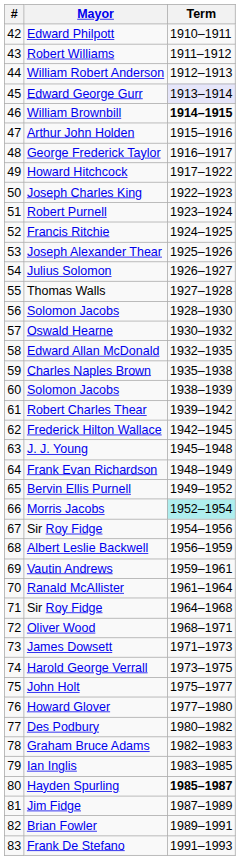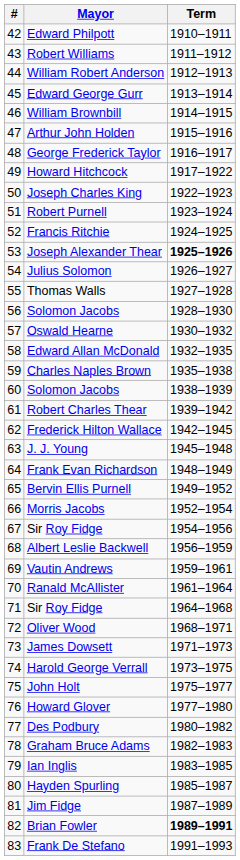 <table class="wikitable">
 <tr>
 <th>#</th>
 <th><a href='#'>Mayor</a></th>
 <th>Term</th>
 </tr>
 <tr>
 <td>42</td>
 <td><a href='#'>Edward Philpott</a></td>
 <td>1910–1911</td>
 </tr>
 <tr>
 <td>43</td>
 <td><a href='#'>Robert Williams</a></td>
 <td>1911–1912</td>
 </tr>
 <tr>
 <td>44</td>
 <td><a href='#'>William Robert Anderson</a></td>
 <td>1912–1913</td>
 </tr>
 <tr>
 <td>45</td>
 <td><a href='#'>Edward George Gurr</a></td>
-<td style="background: lavender;">1913–1914</td>
+<td>1913–1914</td>
 </tr>
 <tr>
 <td>46</td>
 <td><a href='#'>William Brownbill</a></td>
-<td><strong>1914–1915</strong></td>
+<td>1914–1915</td>
 </tr>
 <tr>
 <td>47</td>
 <td><a href='#'>Arthur John Holden</a></td>
 <td>1915–1916</td>
 </tr>
 <tr>
 <td>48</td>
 <td><a href='#'>George Frederick Taylor</a></td>
 <td>1916–1917</td>
 </tr>
 <tr>
 <td>49</td>
 <td><a href='#'>Howard Hitchcock</a></td>
 <td>1917–1922</td>
 </tr>
 <tr>
 <td>50</td>
 <td><a href='#'>Joseph Charles King</a></td>
 <td>1922–1923</td>
 </tr>
 <tr>
 <td>51</td>
 <td><a href='#'>Robert Purnell</a></td>
 <td>1923–1924</td>
 </tr>
 <tr>
 <td>52</td>
 <td><a href='#'>Francis Ritchie</a></td>
 <td>1924–1925</td>
 </tr>
 <tr>
 <td>53</td>
 <td><a href='#'>Joseph Alexander Thear</a></td>
-<td>1925–1926</td>
+<td><strong>1925–1926</strong></td>
 </tr>
 <tr>
 <td>54</td>
 <td><a href='#'>Julius Solomon</a></td>
 <td>1926–1927</td>
 </tr>
 <tr>
 <td>55</td>
 <td>Thomas Walls</td>
 <td>1927–1928</td>
 </tr>
 <tr>
 <td>56</td>
 <td><a href='#'>Solomon Jacobs</a></td>
 <td>1928–1930</td>
 </tr>
 <tr>
 <td>57</td>
 <td><a href='#'>Oswald Hearne</a></td>
 <td>1930–1932</td>
 </tr>
 <tr>
 <td>58</td>
 <td><a href='#'>Edward Allan McDonald</a></td>
 <td>1932–1935</td>
 </tr>
 <tr>
 <td>59</td>
 <td><a href='#'>Charles Naples Brown</a></td>
 <td>1935–1938</td>
 </tr>
 <tr>
 <td>60</td>
 <td><a href='#'>Solomon Jacobs</a></td>
 <td>1938–1939</td>
 </tr>
 <tr>
 <td>61</td>
 <td><a href='#'>Robert Charles Thear</a></td>
 <td>1939–1942</td>
 </tr>
 <tr>
 <td>62</td>
 <td><a href='#'>Frederick Hilton Wallace</a></td>
 <td>1942–1945</td>
 </tr>
 <tr>
 <td>63</td>
 <td><a href='#'>J. J. Young</a></td>
 <td>1945–1948</td>
 </tr>
 <tr>
 <td>64</td>
 <td><a href='#'>Frank Evan Richardson</a></td>
 <td>1948–1949</td>
 </tr>
 <tr>
 <td>65</td>
 <td><a href='#'>Bervin Ellis Purnell</a></td>
 <td>1949–1952</td>
 </tr>
 <tr>
 <td>66</td>
 <td><a href='#'>Morris Jacobs</a></td>
-<td style="background: paleturquoise;">1952–1954</td>
+<td>1952–1954</td>
 </tr>
 <tr>
 <td>67</td>
 <td>Sir <a href='#'>Roy Fidge</a></td>
 <td>1954–1956</td>
 </tr>
 <tr>
 <td>68</td>
 <td><a href='#'>Albert Leslie Backwell</a></td>
 <td>1956–1959</td>
 </tr>
 <tr>
 <td>69</td>
 <td><a href='#'>Vautin Andrews</a></td>
 <td>1959–1961</td>
 </tr>
 <tr>
 <td>70</td>
 <td><a href='#'>Ranald McAllister</a></td>
 <td>1961–1964</td>
 </tr>
 <tr>
 <td>71</td>
 <td>Sir <a href='#'>Roy Fidge</a></td>
 <td>1964–1968</td>
 </tr>
 <tr>
 <td>72</td>
 <td><a href='#'>Oliver Wood</a></td>
 <td>1968–1971</td>
 </tr>
 <tr>
 <td>73</td>
 <td><a href='#'>James Dowsett</a></td>
 <td>1971–1973</td>
 </tr>
 <tr>
 <td>74</td>
 <td><a href='#'>Harold George Verrall</a></td>
 <td>1973–1975</td>
 </tr>
 <tr>
 <td>75</td>
 <td><a href='#'>John Holt</a></td>
 <td>1975–1977</td>
 </tr>
 <tr>
 <td>76</td>
 <td><a href='#'>Howard Glover</a></td>
 <td>1977–1980</td>
 </tr>
 <tr>
 <td>77</td>
 <td><a href='#'>Des Podbury</a></td>
 <td>1980–1982</td>
 </tr>
 <tr>
 <td>78</td>
 <td><a href='#'>Graham Bruce Adams</a></td>
 <td>1982–1983</td>
 </tr>
 <tr>
 <td>79</td>
 <td><a href='#'>Ian Inglis</a></td>
 <td>1983–1985</td>
 </tr>
 <tr>
 <td>80</td>
 <td><a href='#'>Hayden Spurling</a></td>
-<td><strong>1985–1987</strong></td>
+<td>1985–1987</td>
 </tr>
 <tr>
 <td>81</td>
 <td><a href='#'>Jim Fidge</a></td>
 <td>1987–1989</td>
 </tr>
 <tr>
 <td>82</td>
 <td><a href='#'>Brian Fowler</a></td>
-<td>1989–1991</td>
+<td><strong>1989–1991</strong></td>
 </tr>
 <tr>
 <td>83</td>
 <td><a href='#'>Frank De Stefano</a></td>
 <td>1991–1993</td>
 </tr>
 </table>
